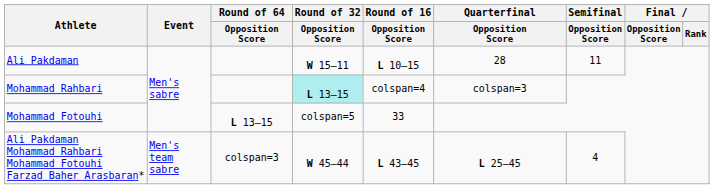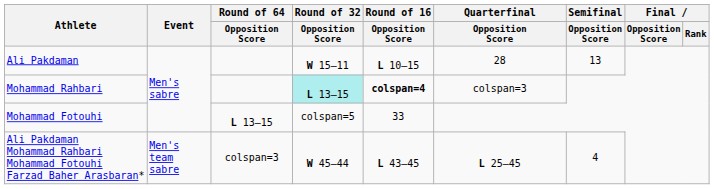 <table class="wikitable" style="font-size:90%">
 <tr>
 <th rowspan="2">Athlete</th>
 <th rowspan="2" width="70">Event</th>
 <th width=90>Round of 64</th>
 <th>Round of 32</th>
 <th>Round of 16</th>
 <th width=150>Quarterfinal</th>
 <th>Semifinal</th>
 <th colspan=2>Final / </th>
 </tr>
 <tr style="font-size:90%">
 <th>Opposition <br> Score</th>
 <th>Opposition <br> Score</th>
 <th>Opposition <br> Score</th>
 <th>Opposition <br> Score</th>
 <th>Opposition <br> Score</th>
 <th>Opposition <br> Score</th>
 <th>Rank</th>
 </tr>
 <tr align=center>
 <td align=left><a href='#'>Ali Pakdaman</a></td>
 <td align=left rowspan=3><a href='#'>Men's sabre</a></td>
 <td></td>
 <td><br><strong>W</strong> 15–11</td>
 <td><br><strong>L</strong> 10–15</td>
 <td>28</td>
-<td>11</td>
+<td>13</td>
 </tr>
 <tr align=center>
 <td align=left><a href='#'>Mohammad Rahbari</a></td>
 <td></td>
 <td style="background: paleturquoise;"><br><strong>L</strong> 13–15</td>
-<td>colspan=4 </td>
+<td><strong>colspan=4 </strong></td>
 <td>colspan=3 </td>
 </tr>
 <tr align=center>
 <td align=left><a href='#'>Mohammad Fotouhi</a></td>
 <td><br><strong>L</strong> 13–15</td>
 <td>colspan=5 </td>
 <td>33</td>
 </tr>
 <tr align=center>
 <td align=left><a href='#'>Ali Pakdaman</a><br><a href='#'>Mohammad Rahbari</a><br><a href='#'>Mohammad Fotouhi</a><br><a href='#'>Farzad Baher Arasbaran</a>*</td>
 <td align=left><a href='#'>Men's team sabre</a></td>
 <td>colspan=3 </td>
 <td><br><strong>W</strong> 45–44</td>
 <td><br><strong>L</strong> 43–45</td>
 <td><br><strong>L</strong> 25–45</td>
 <td>4</td>
 </tr>
 </table>
